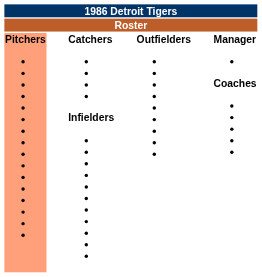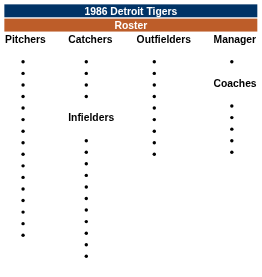 <table class="toccolours" style="font-size: 95%;">
 <tr>
 <th colspan="10" style="background-color: #003366; color: #FFFFFF; text-align: center;">1986 Detroit Tigers</th>
 </tr>
 <tr>
 <td colspan="10" style="background-color: #bd5d29; color: white; text-align: center;"><strong>Roster</strong></td>
 </tr>
 <tr>
-<td valign="top" style="background: lightsalmon;"><strong>Pitchers</strong><br><ul><li></li><li></li><li></li><li></li><li></li><li></li><li></li><li></li><li></li><li></li><li></li><li></li><li></li><li></li><li></li><li></li></ul></td>
+<td valign="top"><strong>Pitchers</strong><br><ul><li></li><li></li><li></li><li></li><li></li><li></li><li></li><li></li><li></li><li></li><li></li><li></li><li></li><li></li><li></li><li></li></ul></td>
 <td width="25px"></td>
 <td valign="top"><strong>Catchers</strong><br><ul><li></li><li></li><li></li><li></li></ul><strong>Infielders</strong><ul><li></li><li></li><li></li><li></li><li></li><li></li><li></li><li></li><li></li><li></li><li></li></ul></td>
 <td width="25px"></td>
 <td valign="top"><strong>Outfielders</strong><br><ul><li></li><li></li><li></li><li></li><li></li><li></li><li></li><li></li><li></li></ul></td>
 <td width="25px"></td>
 <td valign="top"><strong>Manager</strong><br><ul><li></li></ul><strong>Coaches</strong><ul><li></li><li></li><li></li><li></li><li></li></ul></td>
 </tr>
 <tr>
 </tr>
 </table>
